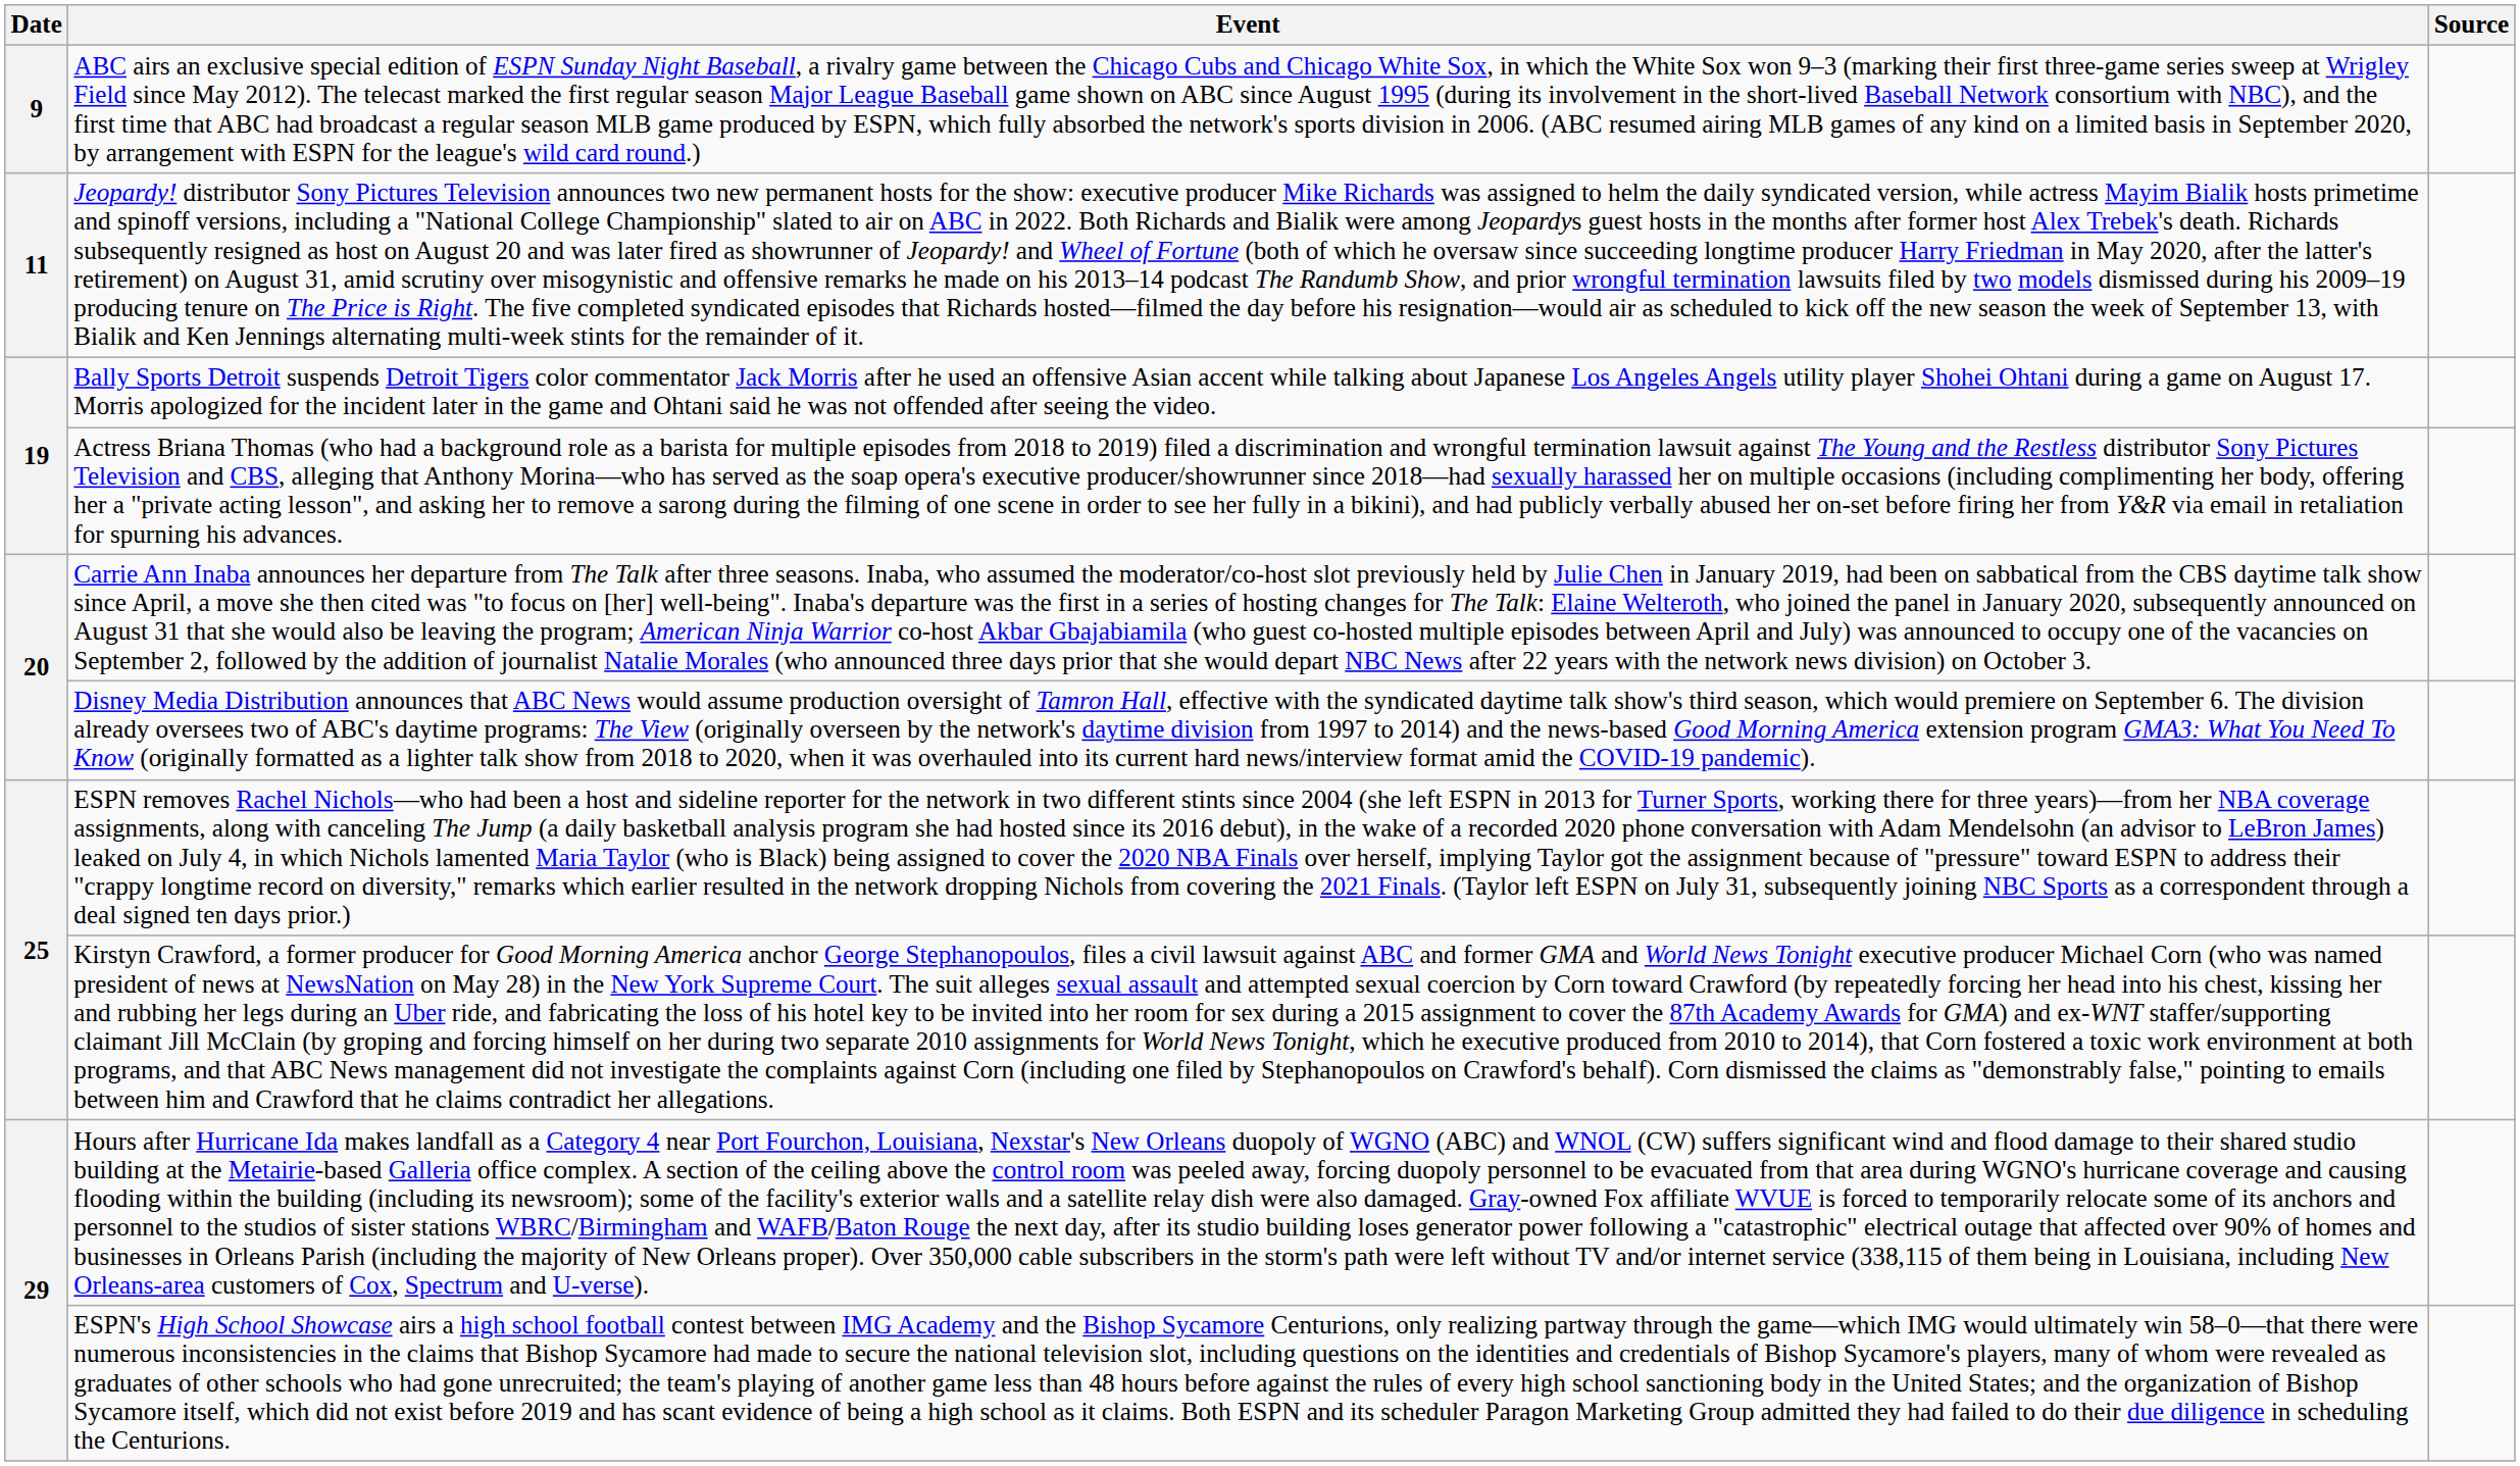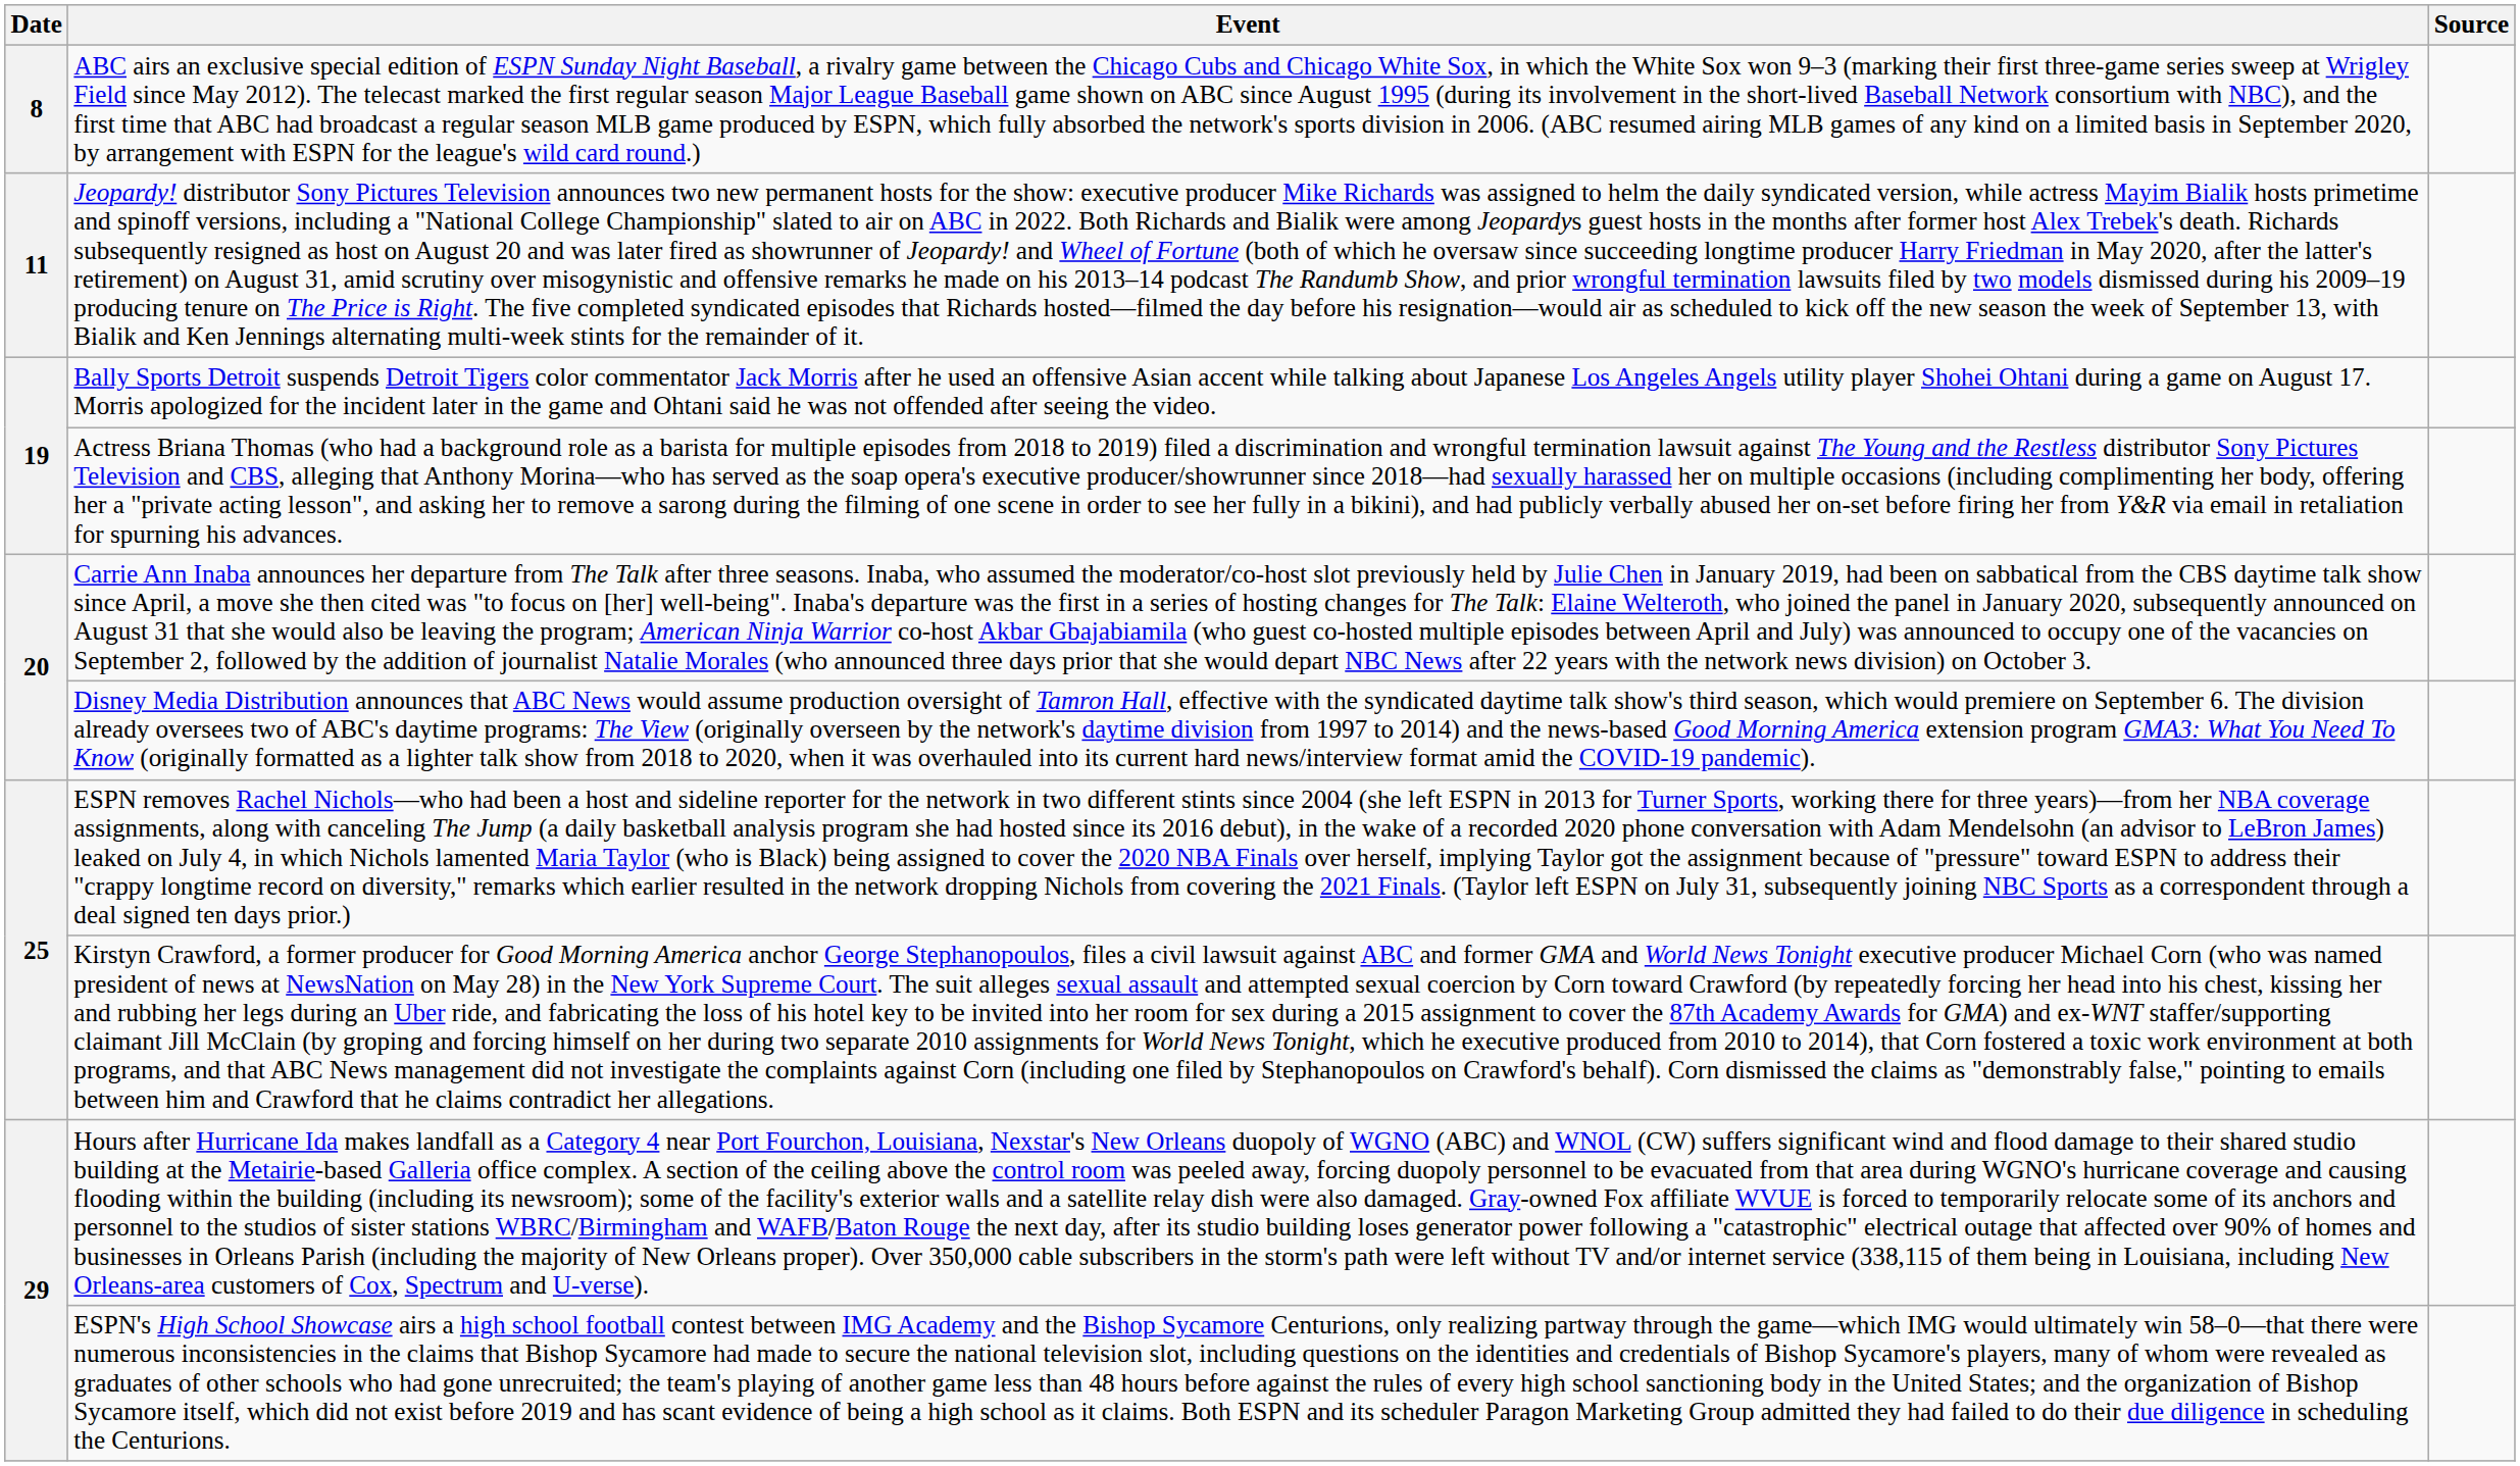 <table class="wikitable">
 <tr>
 <th>Date</th>
 <th>Event</th>
 <th>Source</th>
 </tr>
 <tr>
-<th>9</th>
+<th>8</th>
 <td><a href='#'>ABC</a> airs an exclusive special edition of <em><a href='#'>ESPN Sunday Night Baseball</a></em>, a rivalry game between the <a href='#'>Chicago Cubs and Chicago White Sox</a>, in which the White Sox won 9–3 (marking their first three-game series sweep at <a href='#'>Wrigley Field</a> since May 2012). The telecast marked the first regular season <a href='#'>Major League Baseball</a> game shown on ABC since August <a href='#'>1995</a> (during its involvement in the short-lived <a href='#'>Baseball Network</a> consortium with <a href='#'>NBC</a>), and the first time that ABC had broadcast a regular season MLB game produced by ESPN, which fully absorbed the network's sports division in 2006. (ABC resumed airing MLB games of any kind on a limited basis in September 2020, by arrangement with ESPN for the league's <a href='#'>wild card round</a>.)</td>
 <td></td>
 </tr>
 <tr>
 <th>11</th>
 <td><em><a href='#'>Jeopardy!</a></em> distributor <a href='#'>Sony Pictures Television</a> announces two new permanent hosts for the show: executive producer <a href='#'>Mike Richards</a> was assigned to helm the daily syndicated version, while actress <a href='#'>Mayim Bialik</a> hosts primetime and spinoff versions, including a "National College Championship" slated to air on <a href='#'>ABC</a> in 2022. Both Richards and Bialik were among <em>Jeopardy</em>s guest hosts in the months after former host <a href='#'>Alex Trebek</a>'s death. Richards subsequently resigned as host on August 20 and was later fired as showrunner of <em>Jeopardy!</em> and <em><a href='#'>Wheel of Fortune</a></em> (both of which he oversaw since succeeding longtime producer <a href='#'>Harry Friedman</a> in May 2020, after the latter's retirement) on August 31, amid scrutiny over misogynistic and offensive remarks he made on his 2013–14 podcast <em>The Randumb Show</em>, and prior <a href='#'>wrongful termination</a> lawsuits filed by <a href='#'>two</a> <a href='#'>models</a> dismissed during his 2009–19 producing tenure on <em><a href='#'>The Price is Right</a></em>. The five completed syndicated episodes that Richards hosted—filmed the day before his resignation—would air as scheduled to kick off the new season the week of September 13, with Bialik and Ken Jennings alternating multi-week stints for the remainder of it.</td>
 <td><br><br></td>
 </tr>
 <tr>
 <th rowspan="2">19</th>
 <td><a href='#'>Bally Sports Detroit</a> suspends <a href='#'>Detroit Tigers</a> color commentator <a href='#'>Jack Morris</a> after he used an offensive Asian accent while talking about Japanese <a href='#'>Los Angeles Angels</a> utility player <a href='#'>Shohei Ohtani</a> during a game on August 17. Morris apologized for the incident later in the game and Ohtani said he was not offended after seeing the video.</td>
 <td></td>
 </tr>
 <tr>
 <td>Actress Briana Thomas (who had a background role as a barista for multiple episodes from 2018 to 2019) filed a discrimination and wrongful termination lawsuit against <em><a href='#'>The Young and the Restless</a></em> distributor <a href='#'>Sony Pictures Television</a> and <a href='#'>CBS</a>, alleging that Anthony Morina—who has served as the soap opera's executive producer/showrunner since 2018—had <a href='#'>sexually harassed</a> her on multiple occasions (including complimenting her body, offering her a "private acting lesson", and asking her to remove a sarong during the filming of one scene in order to see her fully in a bikini), and had publicly verbally abused her on-set before firing her from <em>Y&R</em> via email in retaliation for spurning his advances.</td>
 <td></td>
 </tr>
 <tr>
 <th rowspan="2">20</th>
 <td><a href='#'>Carrie Ann Inaba</a> announces her departure from <em>The Talk</em> after three seasons. Inaba, who assumed the moderator/co-host slot previously held by <a href='#'>Julie Chen</a> in January 2019, had been on sabbatical from the CBS daytime talk show since April, a move she then cited was "to focus on [her] well-being". Inaba's departure was the first in a series of hosting changes for <em>The Talk</em>: <a href='#'>Elaine Welteroth</a>, who joined the panel in January 2020, subsequently announced on August 31 that she would also be leaving the program; <em><a href='#'>American Ninja Warrior</a></em> co-host <a href='#'>Akbar Gbajabiamila</a> (who guest co-hosted multiple episodes between April and July) was announced to occupy one of the vacancies on September 2, followed by the addition of journalist <a href='#'>Natalie Morales</a> (who announced three days prior that she would depart <a href='#'>NBC News</a> after 22 years with the network news division) on October 3.</td>
 <td><br></td>
 </tr>
 <tr>
 <td><a href='#'>Disney Media Distribution</a> announces that <a href='#'>ABC News</a> would assume production oversight of <em><a href='#'>Tamron Hall</a></em>, effective with the syndicated daytime talk show's third season, which would premiere on September 6. The division already oversees two of ABC's daytime programs: <em><a href='#'>The View</a></em> (originally overseen by the network's <a href='#'>daytime division</a> from 1997 to 2014) and the news-based <em><a href='#'>Good Morning America</a></em> extension program <em><a href='#'>GMA3: What You Need To Know</a></em> (originally formatted as a lighter talk show from 2018 to 2020, when it was overhauled into its current hard news/interview format amid the <a href='#'>COVID-19 pandemic</a>).</td>
 <td></td>
 </tr>
 <tr>
 <th rowspan="2">25</th>
 <td>ESPN removes <a href='#'>Rachel Nichols</a>—who had been a host and sideline reporter for the network in two different stints since 2004 (she left ESPN in 2013 for <a href='#'>Turner Sports</a>, working there for three years)—from her <a href='#'>NBA coverage</a> assignments, along with canceling <em>The Jump</em> (a daily basketball analysis program she had hosted since its 2016 debut), in the wake of a recorded 2020 phone conversation with Adam Mendelsohn (an advisor to <a href='#'>LeBron James</a>) leaked on July 4, in which Nichols lamented <a href='#'>Maria Taylor</a> (who is Black) being assigned to cover the <a href='#'>2020 NBA Finals</a> over herself, implying Taylor got the assignment because of "pressure" toward ESPN to address their "crappy longtime record on diversity," remarks which earlier resulted in the network dropping Nichols from covering the <a href='#'>2021 Finals</a>. (Taylor left ESPN on July 31, subsequently joining <a href='#'>NBC Sports</a> as a correspondent through a deal signed ten days prior.)</td>
 <td><br></td>
 </tr>
 <tr>
 <td>Kirstyn Crawford, a former producer for <em>Good Morning America</em> anchor <a href='#'>George Stephanopoulos</a>, files a civil lawsuit against <a href='#'>ABC</a> and former <em>GMA</em> and <em><a href='#'>World News Tonight</a></em> executive producer Michael Corn (who was named president of news at <a href='#'>NewsNation</a> on May 28) in the <a href='#'>New York Supreme Court</a>. The suit alleges <a href='#'>sexual assault</a> and attempted sexual coercion by Corn toward Crawford (by repeatedly forcing her head into his chest, kissing her and rubbing her legs during an <a href='#'>Uber</a> ride, and fabricating the loss of his hotel key to be invited into her room for sex during a 2015 assignment to cover the <a href='#'>87th Academy Awards</a> for <em>GMA</em>) and ex-<em>WNT</em> staffer/supporting claimant Jill McClain (by groping and forcing himself on her during two separate 2010 assignments for <em>World News Tonight</em>, which he executive produced from 2010 to 2014), that Corn fostered a toxic work environment at both programs, and that ABC News management did not investigate the complaints against Corn (including one filed by Stephanopoulos on Crawford's behalf). Corn dismissed the claims as "demonstrably false," pointing to emails between him and Crawford that he claims contradict her allegations.</td>
 <td></td>
 </tr>
 <tr>
 <th rowspan=2>29</th>
 <td>Hours after <a href='#'>Hurricane Ida</a> makes landfall as a <a href='#'>Category 4</a> near <a href='#'>Port Fourchon, Louisiana</a>, <a href='#'>Nexstar</a>'s <a href='#'>New Orleans</a> duopoly of <a href='#'>WGNO</a> (ABC) and <a href='#'>WNOL</a> (CW) suffers significant wind and flood damage to their shared studio building at the <a href='#'>Metairie</a>-based <a href='#'>Galleria</a> office complex. A section of the ceiling above the <a href='#'>control room</a> was peeled away, forcing duopoly personnel to be evacuated from that area during WGNO's hurricane coverage and causing flooding within the building (including its newsroom); some of the facility's exterior walls and a satellite relay dish were also damaged. <a href='#'>Gray</a>-owned Fox affiliate <a href='#'>WVUE</a> is forced to temporarily relocate some of its anchors and personnel to the studios of sister stations <a href='#'>WBRC</a>/<a href='#'>Birmingham</a> and <a href='#'>WAFB</a>/<a href='#'>Baton Rouge</a> the next day, after its studio building loses generator power following a "catastrophic" electrical outage that affected over 90% of homes and businesses in Orleans Parish (including the majority of New Orleans proper). Over 350,000 cable subscribers in the storm's path were left without TV and/or internet service (338,115 of them being in Louisiana, including <a href='#'>New Orleans-area</a> customers of <a href='#'>Cox</a>, <a href='#'>Spectrum</a> and <a href='#'>U-verse</a>).</td>
 <td><br></td>
 </tr>
 <tr>
 <td>ESPN's <em><a href='#'>High School Showcase</a></em> airs a <a href='#'>high school football</a> contest between <a href='#'>IMG Academy</a> and the <a href='#'>Bishop Sycamore</a> Centurions, only realizing partway through the game—which IMG would ultimately win 58–0—that there were numerous inconsistencies in the claims that Bishop Sycamore had made to secure the national television slot, including questions on the identities and credentials of Bishop Sycamore's players, many of whom were revealed as graduates of other schools who had gone unrecruited; the team's playing of another game less than 48 hours before against the rules of every high school sanctioning body in the United States; and the organization of Bishop Sycamore itself, which did not exist before 2019 and has scant evidence of being a high school as it claims. Both ESPN and its scheduler Paragon Marketing Group admitted they had failed to do their <a href='#'>due diligence</a> in scheduling the Centurions.</td>
 <td></td>
 </tr>
 </table>
